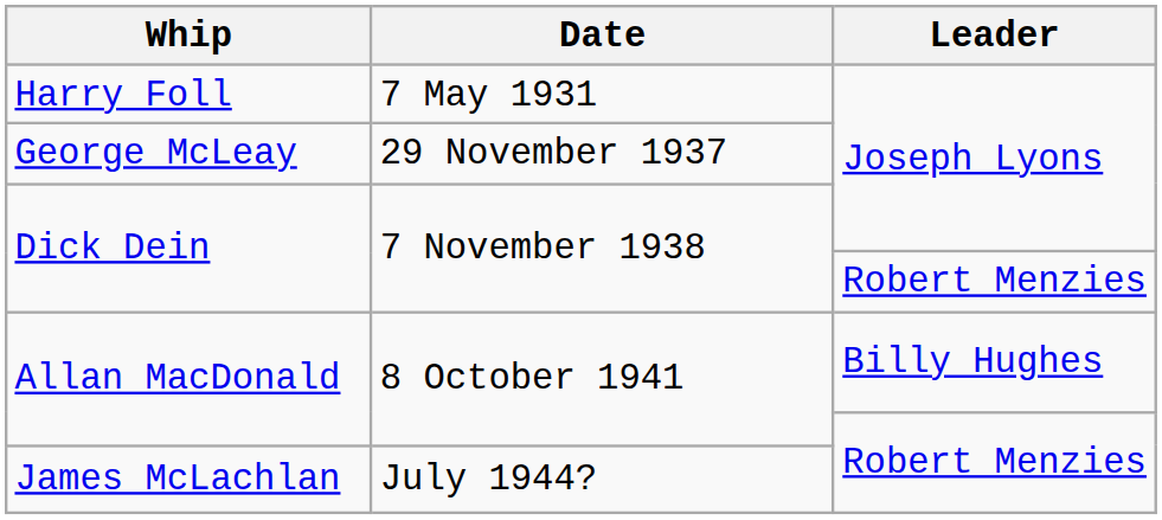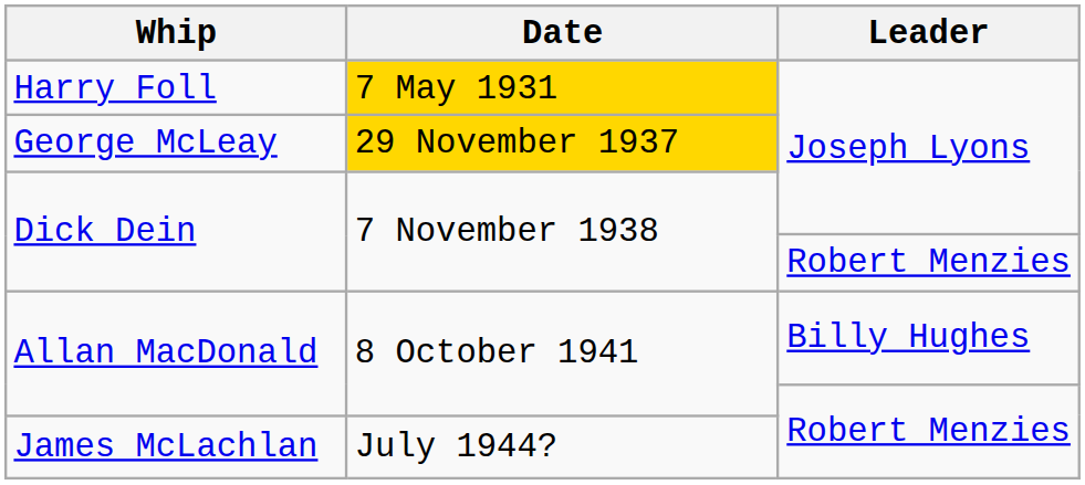 <table class=wikitable>
 <tr>
 <th width=125px>Whip</th>
 <th width=160px>Date</th>
 <th>Leader</th>
 </tr>
 <tr>
 <td><a href='#'>Harry Foll</a></td>
-<td>7 May 1931</td>
+<td style="background: gold;">7 May 1931</td>
 <td rowspan=3 height=60px><a href='#'>Joseph Lyons</a></td>
 </tr>
 <tr>
 <td><a href='#'>George McLeay</a></td>
-<td>29 November 1937</td>
+<td style="background: gold;">29 November 1937</td>
 </tr>
 <tr>
 <td rowspan=2 height=40><a href='#'>Dick Dein</a></td>
 <td rowspan=2>7 November 1938</td>
 </tr>
 <tr>
 <td><a href='#'>Robert Menzies</a></td>
 </tr>
 <tr>
 <td rowspan=2 height=40><a href='#'>Allan MacDonald</a></td>
 <td rowspan=2>8 October 1941</td>
 <td height=30px><a href='#'>Billy Hughes</a></td>
 </tr>
 <tr>
 <td rowspan=2 height=30><a href='#'>Robert Menzies</a></td>
 </tr>
 <tr>
 <td><a href='#'>James McLachlan</a></td>
 <td>July 1944?</td>
 </tr>
 </table>
